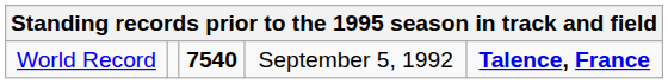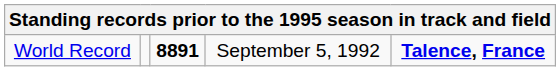 <table class="wikitable" style=" text-align:center;">
 <tr>
 <th colspan="5">Standing records prior to the 1995 season in track and field</th>
 </tr>
 <tr>
 <td><a href='#'>World Record</a></td>
 <td></td>
-<td><strong>7540</strong></td>
+<td><strong>8891</strong></td>
 <td>September 5, 1992</td>
 <td><strong> <a href='#'>Talence</a>, <a href='#'>France</a></strong></td>
 </tr>
 </table>
